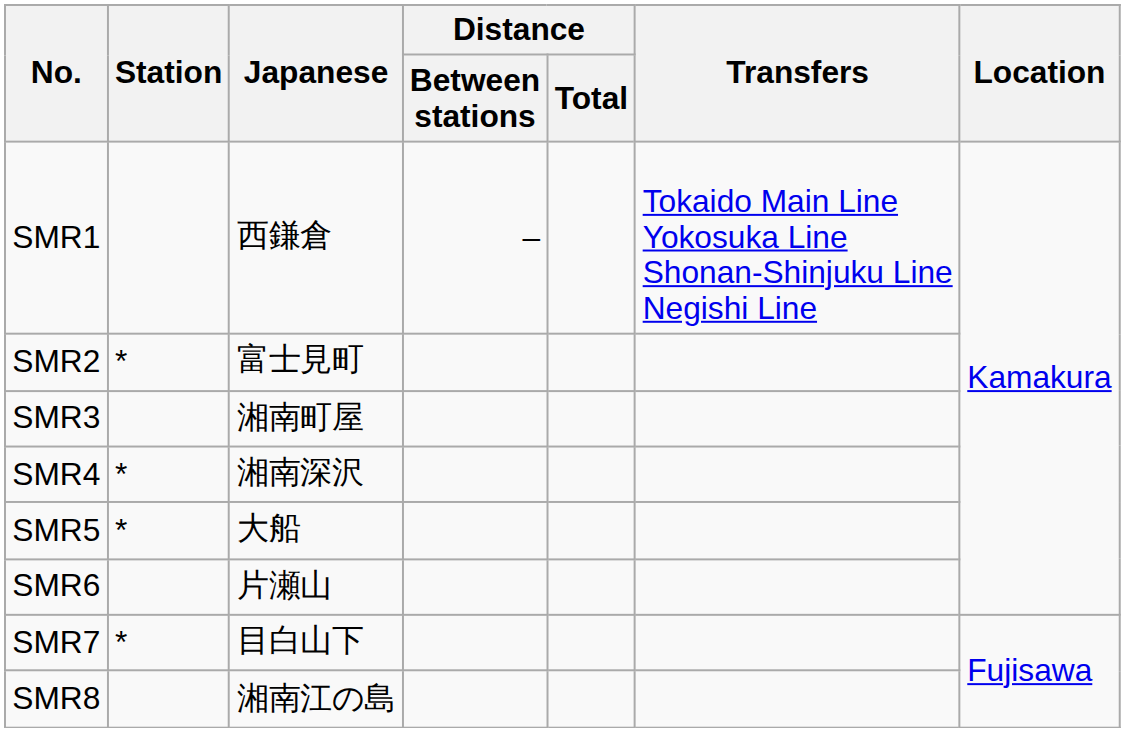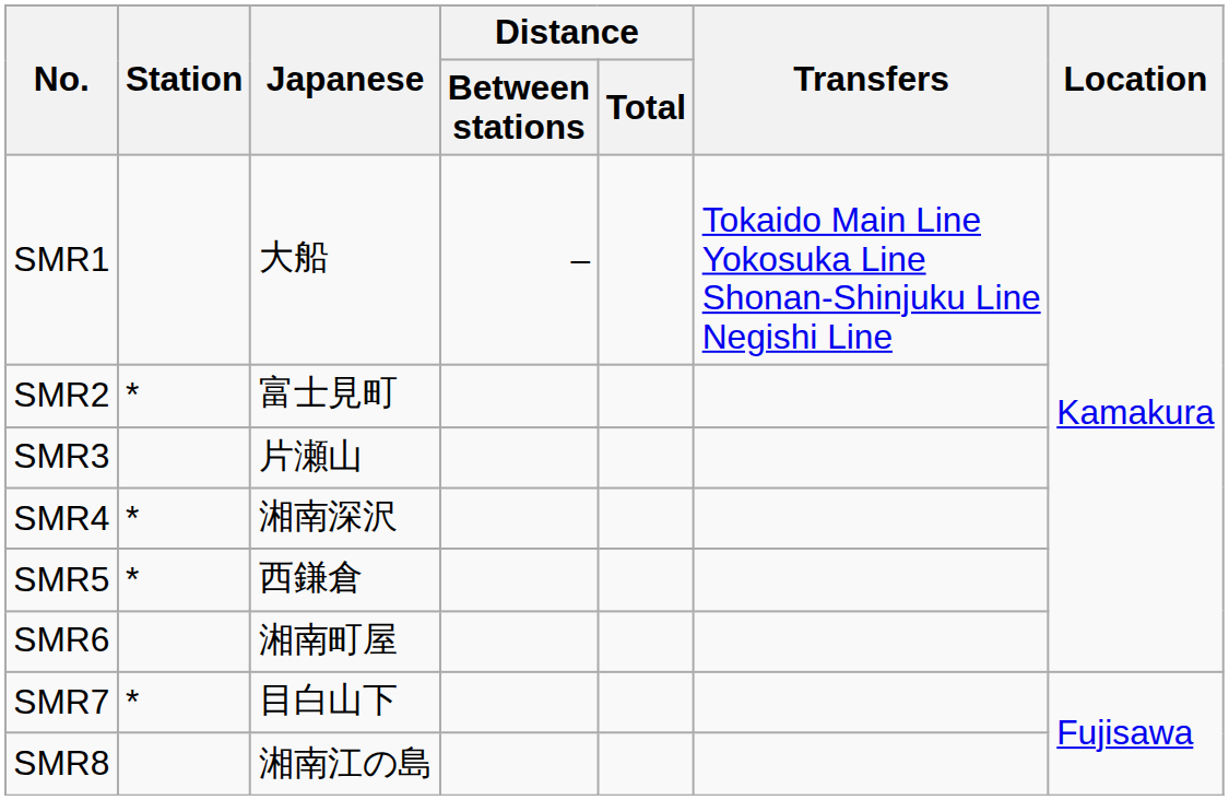 <table class="wikitable">
 <tr>
 <th rowspan="2">No.</th>
 <th rowspan="2">Station</th>
 <th rowspan="2">Japanese</th>
 <th colspan="2">Distance</th>
 <th rowspan="2">Transfers</th>
 <th rowspan="2">Location</th>
 </tr>
 <tr>
 <th>Between<br>stations</th>
 <th>Total</th>
 </tr>
 <tr>
 <td>SMR1</td>
 <td></td>
-<td>西鎌倉</td>
+<td>大船</td>
 <td style="text-align:right;">–</td>
 <td style="text-align:right;"></td>
 <td><br> <a href='#'>Tokaido Main Line</a> <br>  <a href='#'>Yokosuka Line</a> <br>  <a href='#'>Shonan-Shinjuku Line</a> <br>  <a href='#'>Negishi Line</a></td>
 <td rowspan="6"><a href='#'>Kamakura</a></td>
 </tr>
 <tr>
 <td>SMR2</td>
 <td>*</td>
 <td>富士見町</td>
 <td style="text-align:right;"></td>
 <td style="text-align:right;"></td>
 <td> </td>
 </tr>
 <tr>
 <td>SMR3</td>
 <td></td>
-<td>湘南町屋</td>
+<td>片瀬山</td>
 <td style="text-align:right;"></td>
 <td style="text-align:right;"></td>
 <td> </td>
 </tr>
 <tr>
 <td>SMR4</td>
 <td>*</td>
 <td>湘南深沢</td>
 <td style="text-align:right;"></td>
 <td style="text-align:right;"></td>
 <td> </td>
 </tr>
 <tr>
 <td>SMR5</td>
 <td>*</td>
-<td>大船</td>
+<td>西鎌倉</td>
 <td style="text-align:right;"></td>
 <td style="text-align:right;"></td>
 <td> </td>
 </tr>
 <tr>
 <td>SMR6</td>
 <td></td>
-<td>片瀬山</td>
+<td>湘南町屋</td>
 <td style="text-align:right;"></td>
 <td style="text-align:right;"></td>
 <td> </td>
 </tr>
 <tr>
 <td>SMR7</td>
 <td>*</td>
 <td>目白山下</td>
 <td style="text-align:right;"></td>
 <td style="text-align:right;"></td>
 <td> </td>
 <td rowspan="2"><a href='#'>Fujisawa</a></td>
 </tr>
 <tr>
 <td>SMR8</td>
 <td></td>
 <td>湘南江の島</td>
 <td style="text-align:right;"></td>
 <td style="text-align:right;"></td>
 <td></td>
 </tr>
 </table>
